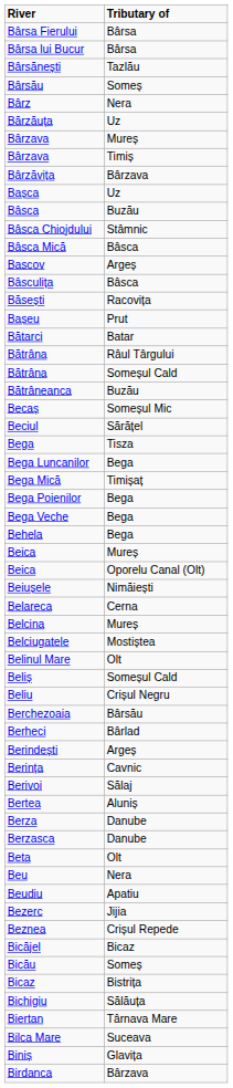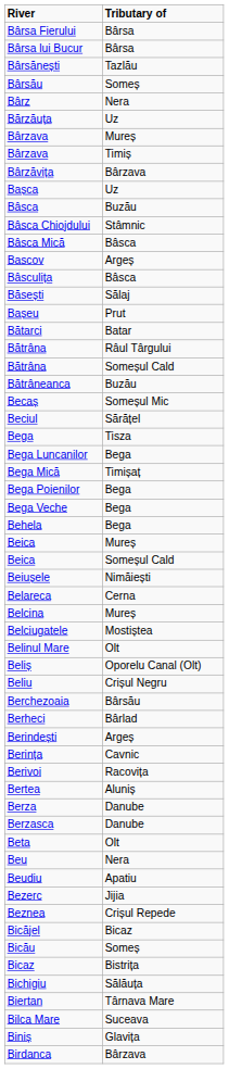 <table class="wikitable">
 <tr>
 <td style="width:100pt;"><strong>River</strong></td>
 <td style="width:125pt;"><strong>Tributary of</strong></td>
 </tr>
 <tr>
 <td><a href='#'>Bârsa Fierului</a></td>
 <td>Bârsa</td>
 </tr>
 <tr>
 <td><a href='#'>Bârsa lui Bucur</a></td>
 <td>Bârsa</td>
 </tr>
 <tr>
 <td><a href='#'>Bârsănești</a></td>
 <td>Tazlău</td>
 </tr>
 <tr>
 <td><a href='#'>Bârsău</a></td>
 <td>Someș</td>
 </tr>
 <tr>
 <td><a href='#'>Bârz</a></td>
 <td>Nera</td>
 </tr>
 <tr>
 <td><a href='#'>Bărzăuța</a></td>
 <td>Uz</td>
 </tr>
 <tr>
 <td><a href='#'>Bârzava</a></td>
 <td>Mureș</td>
 </tr>
 <tr>
 <td><a href='#'>Bârzava</a></td>
 <td>Timiș</td>
 </tr>
 <tr>
 <td><a href='#'>Bârzăvița</a></td>
 <td>Bârzava</td>
 </tr>
 <tr>
 <td><a href='#'>Bașca</a></td>
 <td>Uz</td>
 </tr>
 <tr>
 <td><a href='#'>Bâsca</a></td>
 <td>Buzău</td>
 </tr>
 <tr>
 <td><a href='#'>Bâsca Chiojdului</a></td>
 <td>Stâmnic</td>
 </tr>
 <tr>
 <td><a href='#'>Bâsca Mică</a></td>
 <td>Bâsca</td>
 </tr>
 <tr>
 <td><a href='#'>Bascov</a></td>
 <td>Argeș</td>
 </tr>
 <tr>
 <td><a href='#'>Bâsculița</a></td>
 <td>Bâsca</td>
 </tr>
 <tr>
 <td><a href='#'>Băsești</a></td>
-<td>Racovița</td>
+<td>Sălaj</td>
 </tr>
 <tr>
 <td><a href='#'>Bașeu</a></td>
 <td>Prut</td>
 </tr>
 <tr>
 <td><a href='#'>Bătarci</a></td>
 <td>Batar</td>
 </tr>
 <tr>
 <td><a href='#'>Bătrâna</a></td>
 <td>Râul Târgului</td>
 </tr>
 <tr>
 <td><a href='#'>Bătrâna</a></td>
 <td>Someșul Cald</td>
 </tr>
 <tr>
 <td><a href='#'>Bătrâneanca</a></td>
 <td>Buzău</td>
 </tr>
 <tr>
 <td><a href='#'>Becaș</a></td>
 <td>Someșul Mic</td>
 </tr>
 <tr>
 <td><a href='#'>Beciul</a></td>
 <td>Sărățel</td>
 </tr>
 <tr>
 <td><a href='#'>Bega</a></td>
 <td>Tisza</td>
 </tr>
 <tr>
 <td><a href='#'>Bega Luncanilor</a></td>
 <td>Bega</td>
 </tr>
 <tr>
 <td><a href='#'>Bega Mică</a></td>
 <td>Timișaț</td>
 </tr>
 <tr>
 <td><a href='#'>Bega Poienilor</a></td>
 <td>Bega</td>
 </tr>
 <tr>
 <td><a href='#'>Bega Veche</a></td>
 <td>Bega</td>
 </tr>
 <tr>
 <td><a href='#'>Behela</a></td>
 <td>Bega</td>
 </tr>
 <tr>
 <td><a href='#'>Beica</a></td>
 <td>Mureș</td>
 </tr>
 <tr>
 <td><a href='#'>Beica</a></td>
-<td>Oporelu Canal (Olt)</td>
+<td>Someșul Cald</td>
 </tr>
 <tr>
 <td><a href='#'>Beiușele</a></td>
 <td>Nimăiești</td>
 </tr>
 <tr>
 <td><a href='#'>Belareca</a></td>
 <td>Cerna</td>
 </tr>
 <tr>
 <td><a href='#'>Belcina</a></td>
 <td>Mureș</td>
 </tr>
 <tr>
 <td><a href='#'>Belciugatele</a></td>
 <td>Mostiștea</td>
 </tr>
 <tr>
 <td><a href='#'>Belinul Mare</a></td>
 <td>Olt</td>
 </tr>
 <tr>
 <td><a href='#'>Beliș</a></td>
-<td>Someșul Cald</td>
+<td>Oporelu Canal (Olt)</td>
 </tr>
 <tr>
 <td><a href='#'>Beliu</a></td>
 <td>Crișul Negru</td>
 </tr>
 <tr>
 <td><a href='#'>Berchezoaia</a></td>
 <td>Bârsău</td>
 </tr>
 <tr>
 <td><a href='#'>Berheci</a></td>
 <td>Bârlad</td>
 </tr>
 <tr>
 <td><a href='#'>Berindești</a></td>
 <td>Argeș</td>
 </tr>
 <tr>
 <td><a href='#'>Berința</a></td>
 <td>Cavnic</td>
 </tr>
 <tr>
 <td><a href='#'>Berivoi</a></td>
-<td>Sălaj</td>
+<td>Racovița</td>
 </tr>
 <tr>
 <td><a href='#'>Bertea</a></td>
 <td>Aluniș</td>
 </tr>
 <tr>
 <td><a href='#'>Berza</a></td>
 <td>Danube</td>
 </tr>
 <tr>
 <td><a href='#'>Berzasca</a></td>
 <td>Danube</td>
 </tr>
 <tr>
 <td><a href='#'>Beta</a></td>
 <td>Olt</td>
 </tr>
 <tr>
 <td><a href='#'>Beu</a></td>
 <td>Nera</td>
 </tr>
 <tr>
 <td><a href='#'>Beudiu</a></td>
 <td>Apatiu</td>
 </tr>
 <tr>
 <td><a href='#'>Bezerc</a></td>
 <td>Jijia</td>
 </tr>
 <tr>
 <td><a href='#'>Beznea</a></td>
 <td>Crișul Repede</td>
 </tr>
 <tr>
 <td><a href='#'>Bicăjel</a></td>
 <td>Bicaz</td>
 </tr>
 <tr>
 <td><a href='#'>Bicău</a></td>
 <td>Someș</td>
 </tr>
 <tr>
 <td><a href='#'>Bicaz</a></td>
 <td>Bistrița</td>
 </tr>
 <tr>
 <td><a href='#'>Bichigiu</a></td>
 <td>Sălăuța</td>
 </tr>
 <tr>
 <td><a href='#'>Biertan</a></td>
 <td>Târnava Mare</td>
 </tr>
 <tr>
 <td><a href='#'>Bilca Mare</a></td>
 <td>Suceava</td>
 </tr>
 <tr>
 <td><a href='#'>Biniș</a></td>
 <td>Glavița</td>
 </tr>
 <tr>
 <td><a href='#'>Birdanca</a></td>
 <td>Bârzava</td>
 </tr>
 </table>
